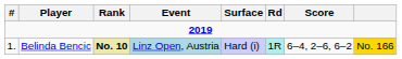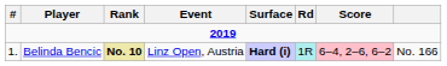 <table class="wikitable sortable">
 <tr>
 <th>#</th>
 <th>Player</th>
 <th>Rank</th>
 <th>Event</th>
 <th>Surface</th>
 <th>Rd</th>
 <th class="unsortable">Score</th>
 <th></th>
 </tr>
 <tr>
 <td colspan=8 style=text-align:center><strong><a href='#'>2019</a></strong></td>
 </tr>
 <tr>
 <td>1.</td>
 <td> <a href='#'>Belinda Bencic</a></td>
 <td bgcolor=eee8aa><strong>No. 10</strong></td>
-<td style="background: lightblue;"><a href='#'>Linz Open</a>, Austria</td>
-<td bgcolor=ccccff>Hard (i)</td>
+<td><a href='#'>Linz Open</a>, Austria</td>
+<td bgcolor=ccccff><strong>Hard (i)</strong></td>
 <td bgcolor=afeeee>1R</td>
-<td>6–4, 2–6, 6–2</td>
-<td style="background: gold;">No. 166</td>
+<td style="background: pink;">6–4, 2–6, 6–2</td>
+<td>No. 166</td>
 </tr>
 </table>
